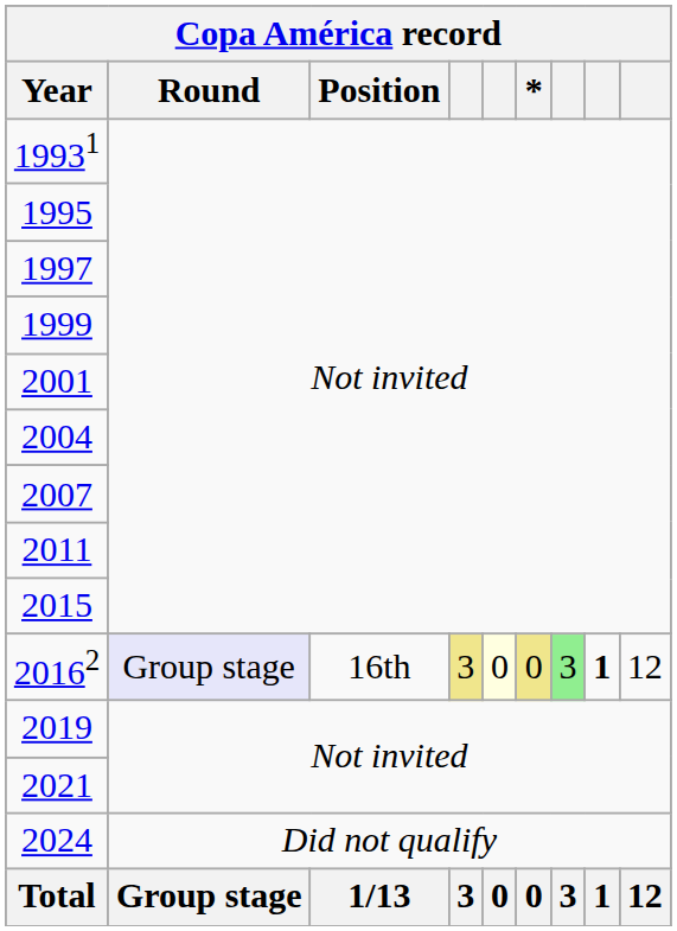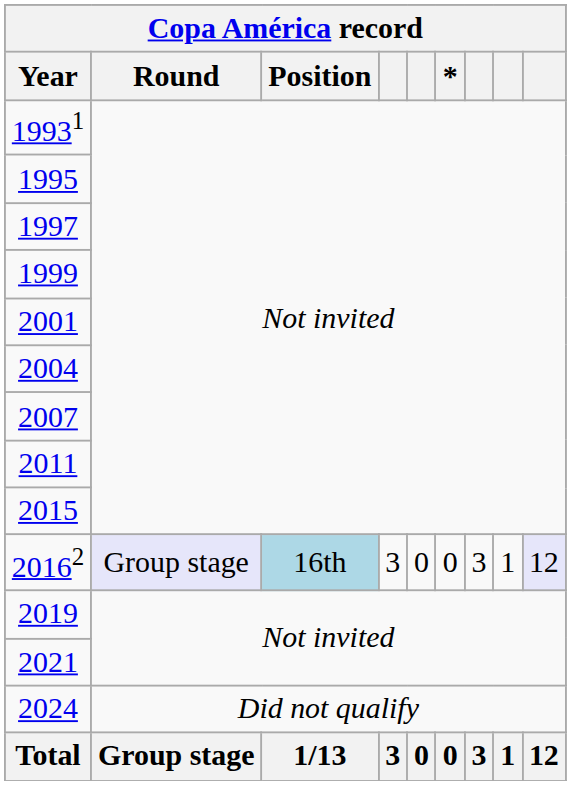 <table class="wikitable" style="text-align: center;">
 <tr>
 <th colspan=9><a href='#'>Copa América</a> record</th>
 </tr>
 <tr>
 <th>Year</th>
 <th>Round</th>
 <th>Position</th>
 <th></th>
 <th></th>
 <th>*</th>
 <th></th>
 <th></th>
 <th></th>
 </tr>
 <tr>
 <td> <a href='#'>1993</a><sup>1</sup></td>
 <td rowspan=9 colspan=9><em>Not invited</em></td>
 </tr>
 <tr>
 <td> <a href='#'>1995</a></td>
 </tr>
 <tr>
 <td> <a href='#'>1997</a></td>
 </tr>
 <tr>
 <td> <a href='#'>1999</a></td>
 </tr>
 <tr>
 <td> <a href='#'>2001</a></td>
 </tr>
 <tr>
 <td> <a href='#'>2004</a></td>
 </tr>
 <tr>
 <td> <a href='#'>2007</a></td>
 </tr>
 <tr>
 <td> <a href='#'>2011</a></td>
 </tr>
 <tr>
 <td> <a href='#'>2015</a></td>
 </tr>
 <tr>
 <td> <a href='#'>2016</a><sup>2</sup></td>
 <td style="background: lavender;">Group stage</td>
-<td>16th</td>
-<td style="background: khaki;">3</td>
-<td style="background: lightyellow;">0</td>
-<td style="background: khaki;">0</td>
-<td style="background: lightgreen;">3</td>
-<td><strong>1</strong></td>
-<td>12</td>
+<td style="background: lightblue;">16th</td>
+<td>3</td>
+<td>0</td>
+<td>0</td>
+<td>3</td>
+<td>1</td>
+<td style="background: lavender;">12</td>
 </tr>
 <tr>
 <td> <a href='#'>2019</a></td>
 <td rowspan=2 colspan=9><em>Not invited</em></td>
 </tr>
 <tr>
 <td> <a href='#'>2021</a></td>
 </tr>
 <tr>
 <td> <a href='#'>2024</a></td>
 <td colspan=9><em>Did not qualify</em></td>
 </tr>
 <tr>
 <th><strong>Total</strong></th>
 <th><strong>Group stage</strong></th>
 <th>1/13</th>
 <th>3</th>
 <th>0</th>
 <th>0</th>
 <th>3</th>
 <th>1</th>
 <th>12</th>
 </tr>
 </table>
